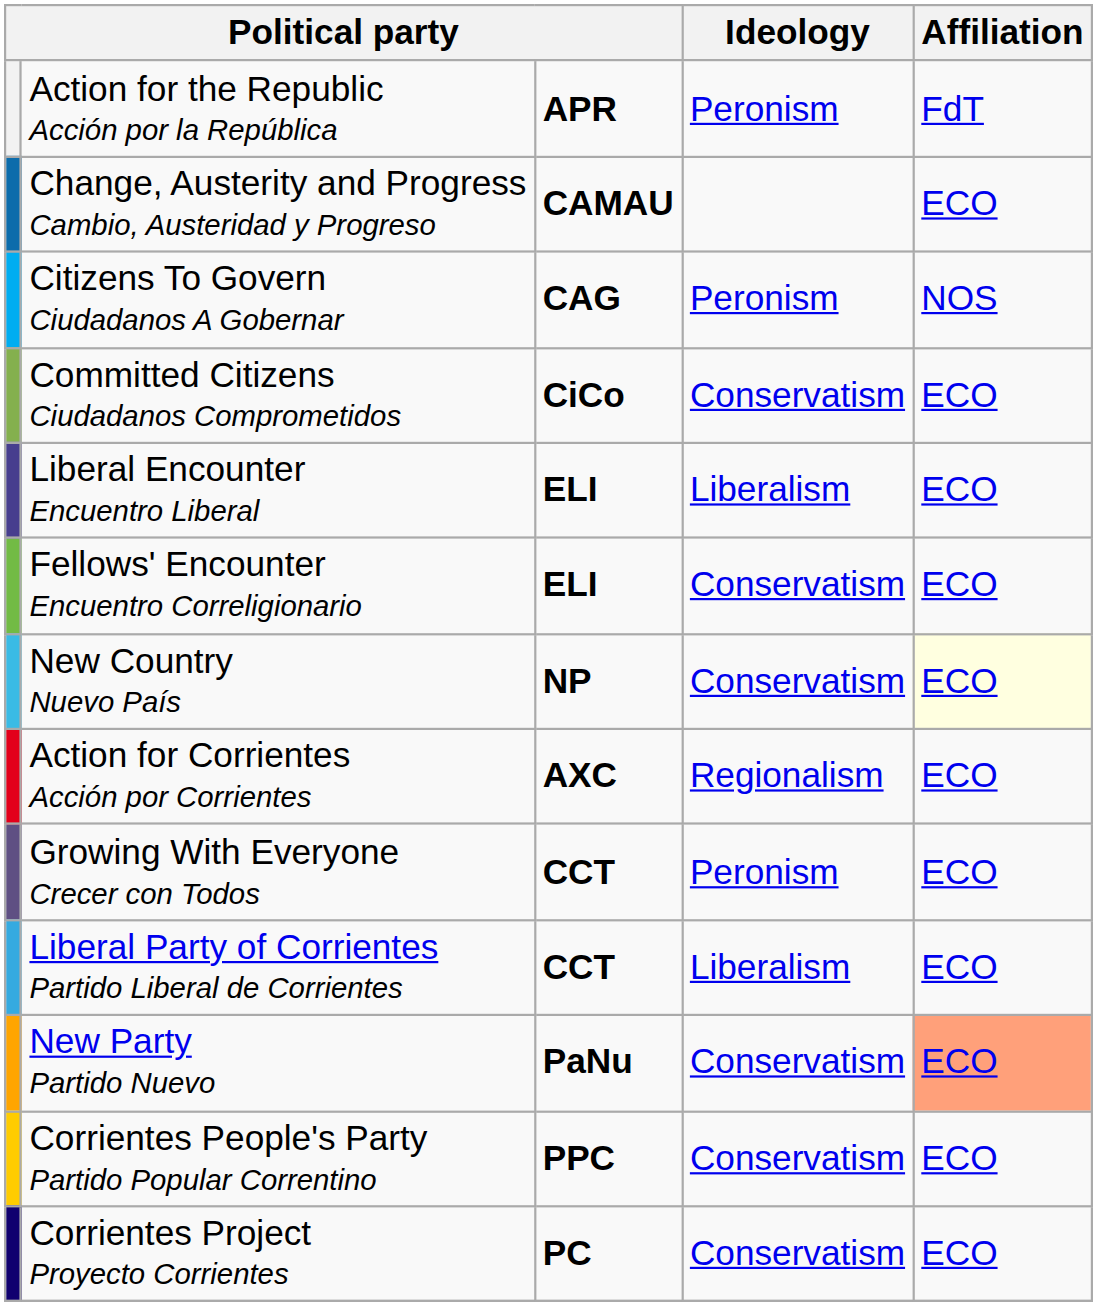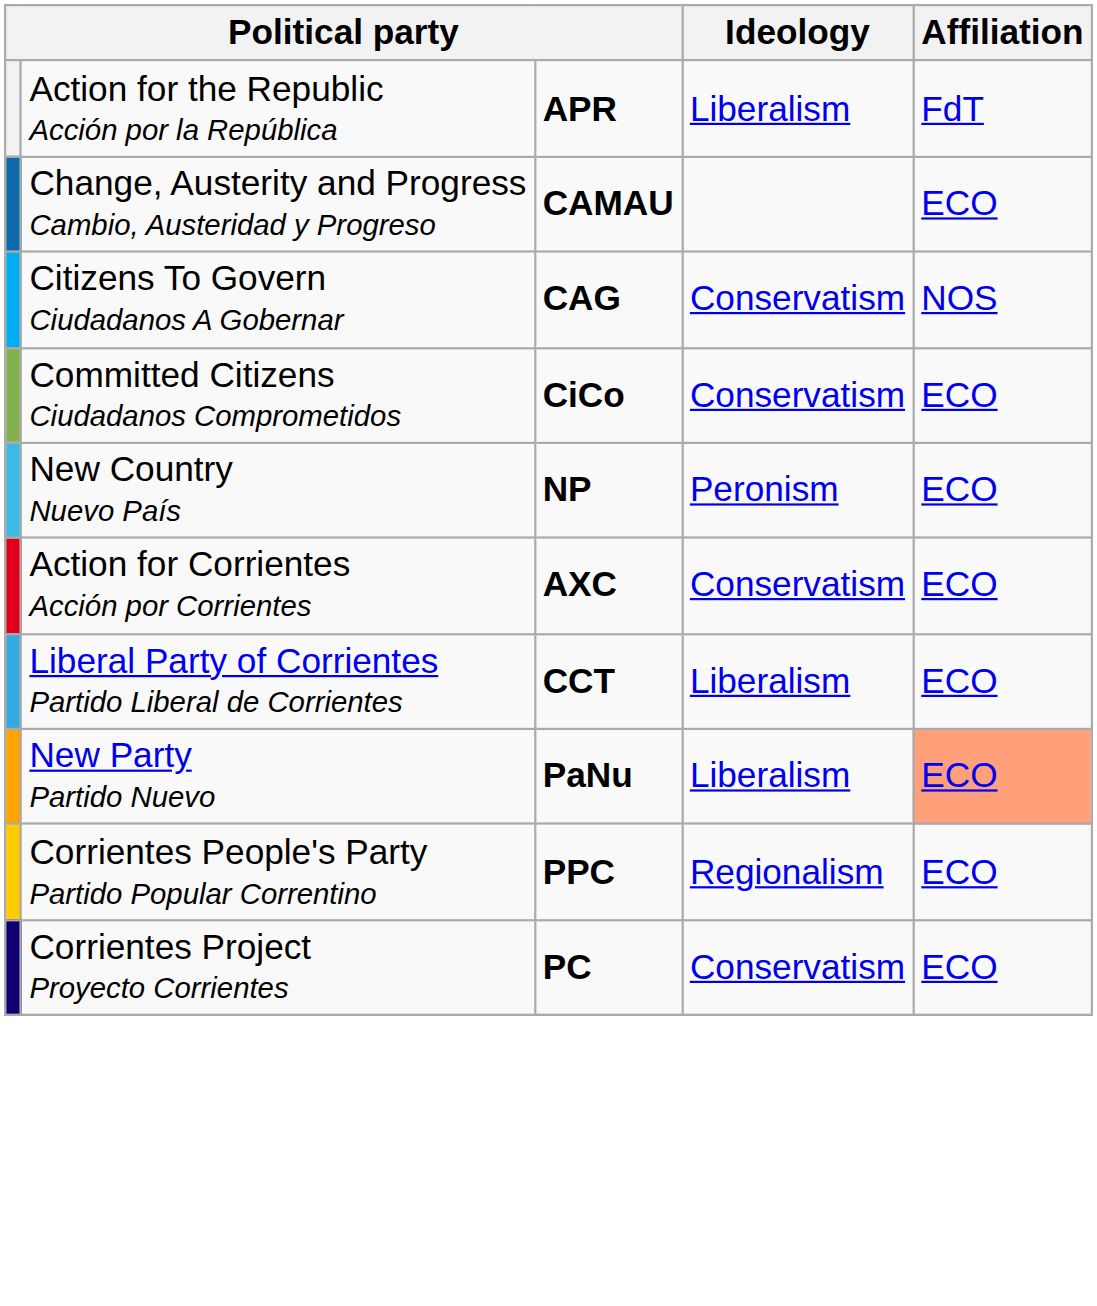 <table class="wikitable">
 <tr>
 <th colspan=3>Political party</th>
 <th>Ideology</th>
 <th>Affiliation</th>
 </tr>
 <tr>
 <th style="background:"></th>
 <td>Action for the Republic<br><small><em>Acción por la República</em></small></td>
 <td><strong>APR</strong></td>
-<td><a href='#'>Peronism</a></td>
+<td><a href='#'>Liberalism</a></td>
 <td><a href='#'>FdT</a></td>
 </tr>
 <tr>
 <th style="background:#0c6cab;"></th>
 <td>Change, Austerity and Progress<br><small><em>Cambio, Austeridad y Progreso</em></small></td>
 <td><strong>CAMAU</strong></td>
 <td></td>
 <td><a href='#'>ECO</a></td>
 </tr>
 <tr>
 <th style="background:#00adf1;"></th>
 <td>Citizens To Govern<br><small><em>Ciudadanos A Gobernar</em></small></td>
 <td><strong>CAG</strong></td>
-<td><a href='#'>Peronism</a></td>
+<td><a href='#'>Conservatism</a></td>
 <td><a href='#'>NOS</a></td>
 </tr>
 <tr>
 <th style="background:#84b04e;"></th>
 <td>Committed Citizens<br><small><em>Ciudadanos Comprometidos</em></small></td>
 <td><strong>CiCo</strong></td>
 <td><a href='#'>Conservatism</a></td>
 <td><a href='#'>ECO</a></td>
 </tr>
 <tr>
-<th style="background:#473e8e;"></th>
-<td>Liberal Encounter<br><small><em>Encuentro Liberal</em></small></td>
-<td><strong>ELI</strong></td>
-<td><a href='#'>Liberalism</a></td>
-<td><a href='#'>ECO</a></td>
-</tr>
-<tr>
-<th style="background:#72bb45;"></th>
-<td>Fellows' Encounter<br><small><em>Encuentro Correligionario</em></small></td>
-<td><strong>ELI</strong></td>
-<td><a href='#'>Conservatism</a></td>
-<td><a href='#'>ECO</a></td>
-</tr>
-<tr>
 <th style="background:#3abbe5;"></th>
 <td>New Country<br><small><em>Nuevo País</em></small></td>
 <td><strong>NP</strong></td>
-<td><a href='#'>Conservatism</a></td>
-<td style="background: lightyellow;"><a href='#'>ECO</a></td>
+<td><a href='#'>Peronism</a></td>
+<td><a href='#'>ECO</a></td>
 </tr>
 <tr>
 <th style="background:#e3001b;"></th>
 <td>Action for Corrientes<br><small><em>Acción por Corrientes</em></small></td>
 <td><strong>AXC</strong></td>
-<td><a href='#'>Regionalism</a></td>
-<td><a href='#'>ECO</a></td>
-</tr>
-<tr>
-<th style="background:#5f5083;"></th>
-<td>Growing With Everyone<br><small><em>Crecer con Todos</em></small></td>
-<td><strong>CCT</strong></td>
-<td><a href='#'>Peronism</a></td>
+<td><a href='#'>Conservatism</a></td>
 <td><a href='#'>ECO</a></td>
 </tr>
 <tr>
 <th style="background:#35AAE0;"></th>
 <td><a href='#'>Liberal Party of Corrientes</a><br><small><em>Partido Liberal de Corrientes</em></small></td>
 <td><strong>CCT</strong></td>
 <td><a href='#'>Liberalism</a></td>
 <td><a href='#'>ECO</a></td>
 </tr>
 <tr>
 <th style="background:orange;"></th>
 <td><a href='#'>New Party</a><br><small><em>Partido Nuevo</em></small></td>
 <td><strong>PaNu</strong></td>
-<td><a href='#'>Conservatism</a></td>
+<td><a href='#'>Liberalism</a></td>
 <td style="background: lightsalmon;"><a href='#'>ECO</a></td>
 </tr>
 <tr>
 <th style="background:#ffcc00;"></th>
 <td>Corrientes People's Party<br><small><em>Partido Popular Correntino</em></small></td>
 <td><strong>PPC</strong></td>
-<td><a href='#'>Conservatism</a></td>
+<td><a href='#'>Regionalism</a></td>
 <td><a href='#'>ECO</a></td>
 </tr>
 <tr>
 <th style="background:#10006f;"></th>
 <td>Corrientes Project<br><small><em>Proyecto Corrientes</em></small></td>
 <td><strong>PC</strong></td>
 <td><a href='#'>Conservatism</a></td>
 <td><a href='#'>ECO</a></td>
 </tr>
 <tr>
 </tr>
 </table>
